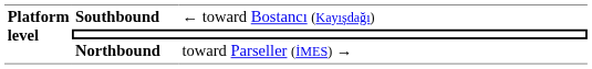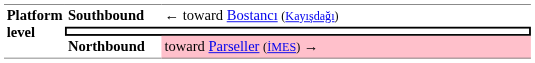 <table cellpadding="3" cellspacing="0" border="0">
 <tr>
 <td rowspan="3" width="50" style="border-top-color: gray; border-bottom-color: gray; border-top-width: 1px; border-bottom-width: 1px; border-top-style: solid; border-bottom-style: solid;" valign="top"><strong>Platform level</strong></td>
 <td width="100" style="border-top-color: gray; border-top-width: 1px; border-top-style: solid;"><strong>Southbound</strong></td>
 <td width="400" style="border-top-color: gray; border-top-width: 1px; border-top-style: solid;">←  toward <a href='#'>Bostancı</a> <small>(<a href='#'>Kayışdağı</a>)</small></td>
 </tr>
 <tr>
 <td colspan="2" style="border: 2px solid black; border-image: none; text-align: center;"></td>
 </tr>
 <tr>
 <td style="border-bottom-color: gray; border-bottom-width: 1px; border-bottom-style: solid;"><strong>Northbound</strong></td>
-<td style="border-bottom-color: gray; border-bottom-width: 1px; border-bottom-style: solid;"> toward <a href='#'>Parseller</a> <small>(<a href='#'>İMES</a>)</small> →</td>
+<td style="background: pink; border-bottom-color: gray; border-bottom-width: 1px; border-bottom-style: solid;"> toward <a href='#'>Parseller</a> <small>(<a href='#'>İMES</a>)</small> →</td>
 </tr>
 </table>
